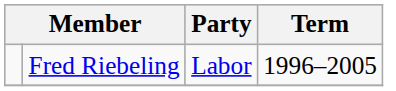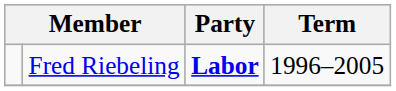 <table class="wikitable">
 <tr>
 <th colspan="2">Member</th>
 <th>Party</th>
 <th>Term</th>
 </tr>
 <tr>
 <td> </td>
 <td><a href='#'>Fred Riebeling</a></td>
-<td><a href='#'>Labor</a></td>
+<td><strong><a href='#'>Labor</a></strong></td>
 <td>1996–2005</td>
 </tr>
 <tr>
 </tr>
 </table>
